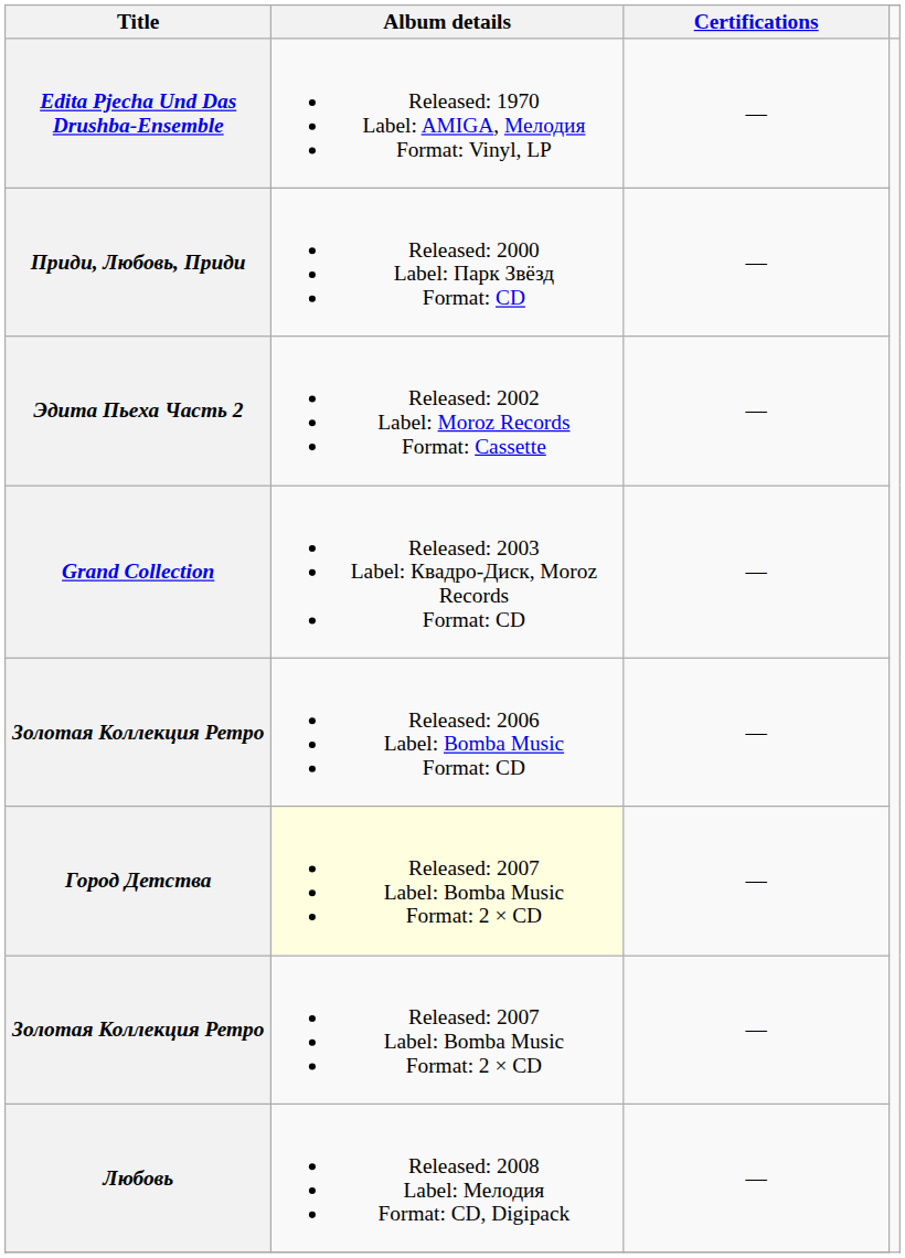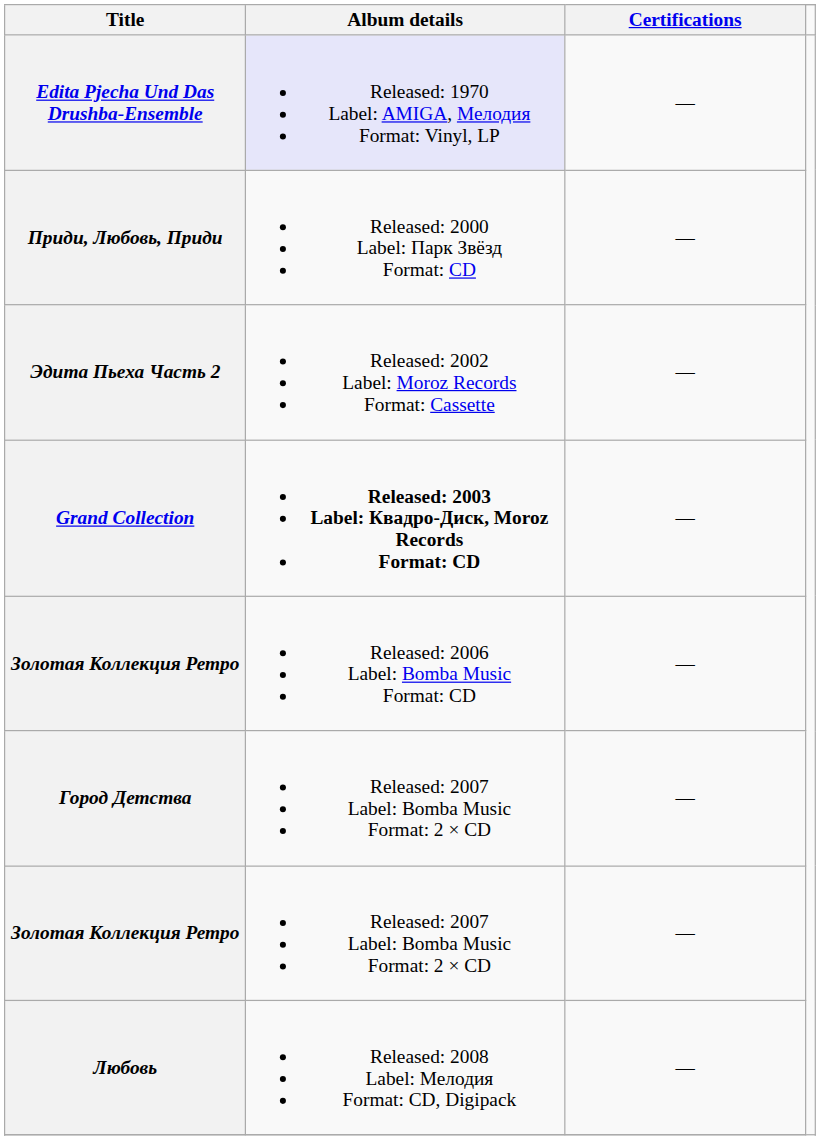 <table class="wikitable plainrowheaders" style="text-align:center;">
 <tr>
 <th scope="col" rowspan="2" style="width:12em;">Title</th>
 <th scope="col" rowspan="2" style="width:16em;">Album details</th>
 <th scope="col" rowspan="2" style="width:12em;"><a href='#'>Certifications</a></th>
 </tr>
 <tr>
 <td></td>
 </tr>
 <tr>
 <th scope="row"><em><a href='#'>Edita Pjecha Und Das Drushba-Ensemble</a></em></th>
-<td><br><ul><li>Released: 1970</li><li>Label: <a href='#'>AMIGA</a>, <a href='#'>Мелодия</a></li><li>Format: Vinyl, LP</li></ul></td>
+<td style="background: lavender;"><br><ul><li>Released: 1970</li><li>Label: <a href='#'>AMIGA</a>, <a href='#'>Мелодия</a></li><li>Format: Vinyl, LP</li></ul></td>
 <td>—</td>
 </tr>
 <tr>
 <th scope="row"><em>Приди, Любовь, Приди</em></th>
 <td><br><ul><li>Released: 2000</li><li>Label: Парк Звёзд</li><li>Format: <a href='#'>CD</a></li></ul></td>
 <td>—</td>
 </tr>
 <tr>
 <th scope="row"><em>Эдита Пьеха Часть 2</em></th>
 <td><br><ul><li>Released: 2002</li><li>Label: <a href='#'>Moroz Records</a></li><li>Format: <a href='#'>Cassette</a></li></ul></td>
 <td>—</td>
 </tr>
 <tr>
 <th scope="row"><em><a href='#'>Grand Collection</a></em></th>
-<td><br><ul><li>Released: 2003</li><li>Label: Квадро-Диск, Moroz Records</li><li>Format: CD</li></ul></td>
+<td><strong><br><ul><li>Released: 2003</li><li>Label: Квадро-Диск, Moroz Records</li><li>Format: CD</li></ul></strong></td>
 <td>—</td>
 </tr>
 <tr>
 <th scope="row"><em>Золотая Коллекция Ретро</em></th>
 <td><br><ul><li>Released: 2006</li><li>Label: <a href='#'>Bomba Music</a></li><li>Format: CD</li></ul></td>
 <td>—</td>
 </tr>
 <tr>
 <th scope="row"><em>Город Детства</em></th>
-<td style="background: lightyellow;"><br><ul><li>Released: 2007</li><li>Label: Bomba Music</li><li>Format: 2 × CD</li></ul></td>
+<td><br><ul><li>Released: 2007</li><li>Label: Bomba Music</li><li>Format: 2 × CD</li></ul></td>
 <td>—</td>
 </tr>
 <tr>
 <th scope="row"><em>Золотая Коллекция Ретро</em></th>
 <td><br><ul><li>Released: 2007</li><li>Label: Bomba Music</li><li>Format: 2 × CD</li></ul></td>
 <td>—</td>
 </tr>
 <tr>
 <th scope="row"><em>Любовь</em></th>
 <td><br><ul><li>Released: 2008</li><li>Label: Мелодия</li><li>Format: CD, Digipack</li></ul></td>
 <td>—</td>
 </tr>
 <tr>
 </tr>
 <tr |colspan="14" style="font-size:90%"| "—" denotes a recording that did not chart or was not released in that territory.>
 </tr>
 </table>
